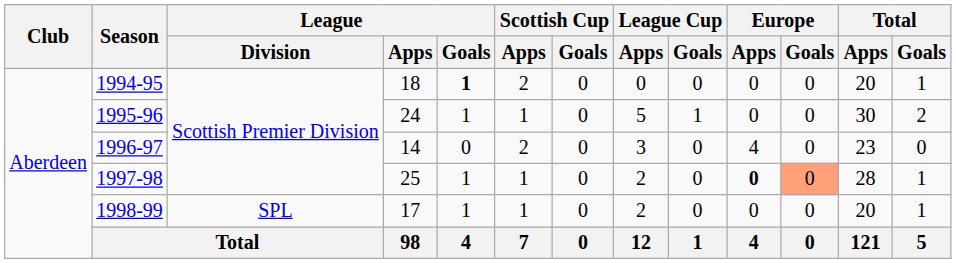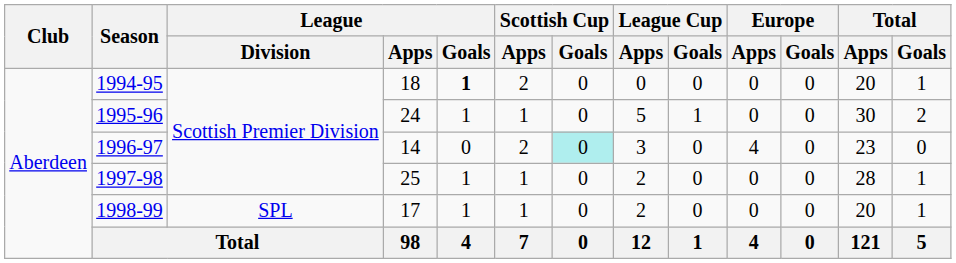 <table class="wikitable" style="text-align:center">
 <tr>
 <th rowspan="2">Club</th>
 <th rowspan="2">Season</th>
 <th colspan="3">League</th>
 <th colspan="2">Scottish Cup</th>
 <th colspan="2">League Cup</th>
 <th colspan="2">Europe</th>
 <th colspan="2">Total</th>
 </tr>
 <tr>
 <th>Division</th>
 <th>Apps</th>
 <th>Goals</th>
 <th>Apps</th>
 <th>Goals</th>
 <th>Apps</th>
 <th>Goals</th>
 <th>Apps</th>
 <th>Goals</th>
 <th>Apps</th>
 <th>Goals</th>
 </tr>
 <tr>
 <td rowspan="6"><a href='#'>Aberdeen</a></td>
 <td><a href='#'>1994-95</a></td>
 <td rowspan="4"><a href='#'>Scottish Premier Division</a></td>
 <td>18</td>
 <td><strong>1</strong></td>
 <td>2</td>
 <td>0</td>
 <td>0</td>
 <td>0</td>
 <td>0</td>
 <td>0</td>
 <td>20</td>
 <td>1</td>
 </tr>
 <tr>
 <td><a href='#'>1995-96</a></td>
 <td>24</td>
 <td>1</td>
 <td>1</td>
 <td>0</td>
 <td>5</td>
 <td>1</td>
 <td>0</td>
 <td>0</td>
 <td>30</td>
 <td>2</td>
 </tr>
 <tr>
 <td><a href='#'>1996-97</a></td>
 <td>14</td>
 <td>0</td>
 <td>2</td>
-<td>0</td>
+<td style="background: paleturquoise;">0</td>
 <td>3</td>
 <td>0</td>
 <td>4</td>
 <td>0</td>
 <td>23</td>
 <td>0</td>
 </tr>
 <tr>
 <td><a href='#'>1997-98</a></td>
 <td>25</td>
 <td>1</td>
 <td>1</td>
 <td>0</td>
 <td>2</td>
 <td>0</td>
-<td><strong>0</strong></td>
-<td style="background: lightsalmon;">0</td>
+<td>0</td>
+<td>0</td>
 <td>28</td>
 <td>1</td>
 </tr>
 <tr>
 <td><a href='#'>1998-99</a></td>
 <td><a href='#'>SPL</a></td>
 <td>17</td>
 <td>1</td>
 <td>1</td>
 <td>0</td>
 <td>2</td>
 <td>0</td>
 <td>0</td>
 <td>0</td>
 <td>20</td>
 <td>1</td>
 </tr>
 <tr>
 <th colspan="2">Total</th>
 <th>98</th>
 <th>4</th>
 <th>7</th>
 <th>0</th>
 <th>12</th>
 <th>1</th>
 <th>4</th>
 <th>0</th>
 <th>121</th>
 <th>5</th>
 </tr>
 </table>
